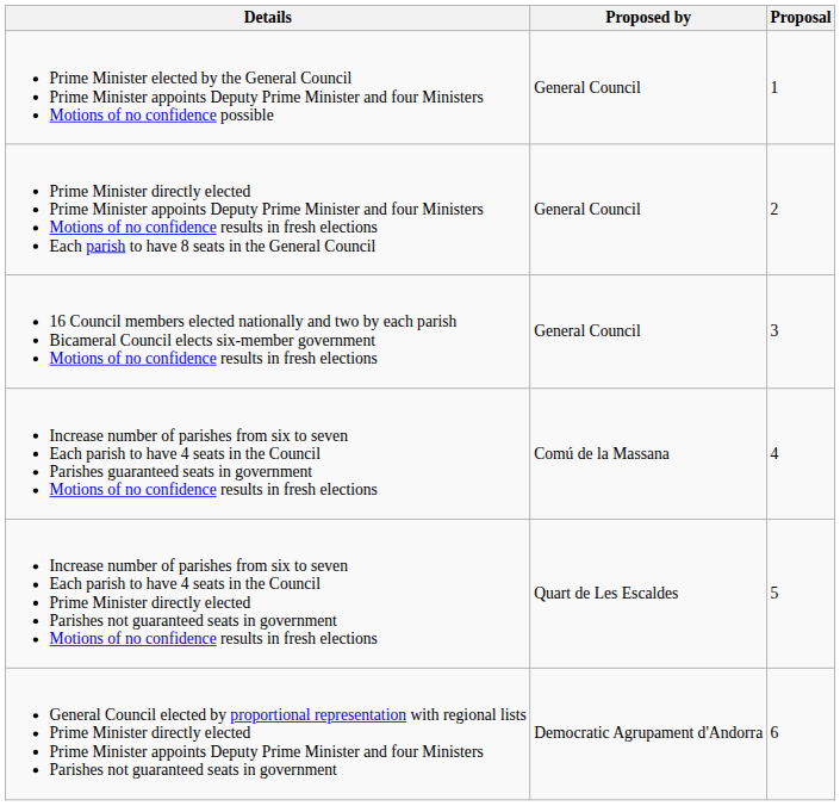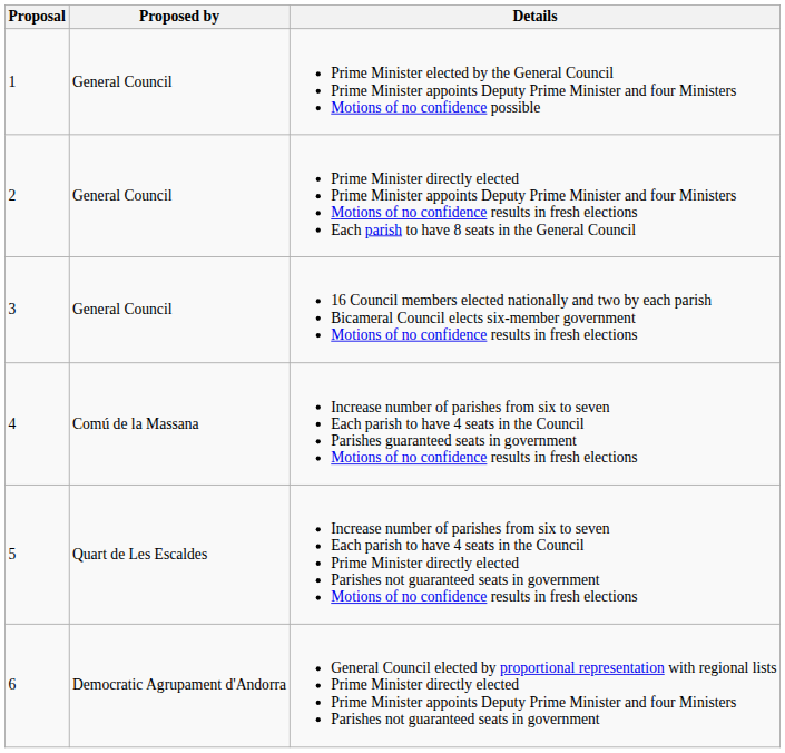 <table class=wikitable>
 <tr>
+<th>Proposal</th>
+<th>Proposed by</th>
 <th>Details</th>
-<th>Proposed by</th>
-<th>Proposal</th>
 </tr>
 <tr>
+<td>1</td>
+<td>General Council</td>
 <td><br><ul><li>Prime Minister elected by the General Council</li><li>Prime Minister appoints Deputy Prime Minister and four Ministers</li><li><a href='#'>Motions of no confidence</a> possible</li></ul></td>
-<td>General Council</td>
-<td>1</td>
 </tr>
 <tr>
+<td>2</td>
+<td>General Council</td>
 <td><br><ul><li>Prime Minister directly elected</li><li>Prime Minister appoints Deputy Prime Minister and four Ministers</li><li><a href='#'>Motions of no confidence</a> results in fresh elections</li><li>Each <a href='#'>parish</a> to have 8 seats in the General Council</li></ul></td>
-<td>General Council</td>
-<td>2</td>
 </tr>
 <tr>
+<td>3</td>
+<td>General Council</td>
 <td><br><ul><li>16 Council members elected nationally and two by each parish</li><li>Bicameral Council elects six-member government</li><li><a href='#'>Motions of no confidence</a> results in fresh elections</li></ul></td>
-<td>General Council</td>
-<td>3</td>
 </tr>
 <tr>
+<td>4</td>
+<td>Comú de la Massana</td>
 <td><br><ul><li>Increase number of parishes from six to seven</li><li>Each parish to have 4 seats in the Council</li><li>Parishes guaranteed seats in government</li><li><a href='#'>Motions of no confidence</a> results in fresh elections</li></ul></td>
-<td>Comú de la Massana</td>
-<td>4</td>
 </tr>
 <tr>
+<td>5</td>
+<td>Quart de Les Escaldes</td>
 <td><br><ul><li>Increase number of parishes from six to seven</li><li>Each parish to have 4 seats in the Council</li><li>Prime Minister directly elected</li><li>Parishes not guaranteed seats in government</li><li><a href='#'>Motions of no confidence</a> results in fresh elections</li></ul></td>
-<td>Quart de Les Escaldes</td>
-<td>5</td>
 </tr>
 <tr>
+<td>6</td>
+<td>Democratic Agrupament d'Andorra</td>
 <td><br><ul><li>General Council elected by <a href='#'>proportional representation</a> with regional lists</li><li>Prime Minister directly elected</li><li>Prime Minister appoints Deputy Prime Minister and four Ministers</li><li>Parishes not guaranteed seats in government</li></ul></td>
-<td>Democratic Agrupament d'Andorra</td>
-<td>6</td>
 </tr>
 </table>
